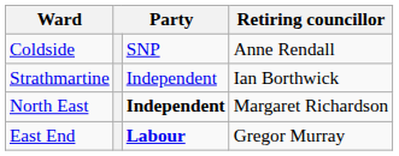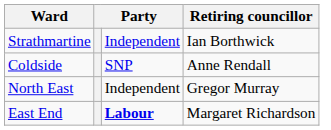 <table class="wikitable sortable">
 <tr>
 <th>Ward</th>
 <th colspan="2">Party</th>
 <th>Retiring councillor</th>
+</tr>
+<tr>
+<td><a href='#'>Strathmartine</a></td>
+<th style="background-color: "></th>
+<td><a href='#'>Independent</a></td>
+<td>Ian Borthwick</td>
 </tr>
 <tr>
 <td><a href='#'>Coldside</a></td>
 <th style="background-color: "></th>
 <td><a href='#'>SNP</a></td>
 <td>Anne Rendall</td>
 </tr>
 <tr>
-<td><a href='#'>Strathmartine</a></td>
-<th style="background-color: "></th>
-<td><a href='#'>Independent</a></td>
-<td>Ian Borthwick</td>
-</tr>
-<tr>
 <td><a href='#'>North East</a></td>
 <th style="background-color: "></th>
-<td><strong>Independent</strong></td>
-<td>Margaret Richardson</td>
+<td>Independent</td>
+<td>Gregor Murray</td>
 </tr>
 <tr>
 <td><a href='#'>East End</a></td>
 <th style="background-color: "></th>
 <td><strong><a href='#'>Labour</a></strong></td>
-<td>Gregor Murray</td>
+<td>Margaret Richardson</td>
 </tr>
 </table>
